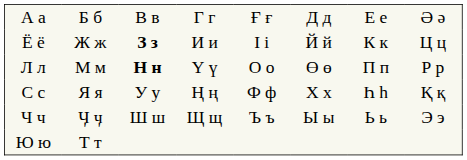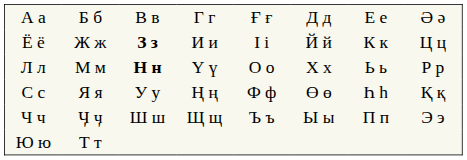 <table style="font-family:Arial Unicode MS; font-size:1.4em; border-color:#000000; border-width:1px; border-style:solid; border-collapse:collapse; background-color:#F8F8EF;white-space:nowrap;">
 <tr>
 <td style="width:3em; text-align:center; padding: 3px;">А а</td>
 <td style="width:3em; text-align:center; padding: 3px;">Б б</td>
 <td style="width:3em; text-align:center; padding: 3px;">В в</td>
 <td style="width:3em; text-align:center; padding: 3px;">Г г</td>
 <td style="width:3em; text-align:center; padding: 3px;">Ғ ғ</td>
 <td style="width:3em; text-align:center; padding: 3px;">Д д</td>
 <td style="width:3em; text-align:center; padding: 3px;">Е е</td>
 <td style="width:3em; text-align:center; padding: 3px;">Ә ә</td>
 </tr>
 <tr>
 <td style="width:3em; text-align:center; padding: 3px;">Ё ё</td>
 <td style="width:3em; text-align:center; padding: 3px;">Ж ж</td>
 <td style="width:3em; text-align:center; padding: 3px;"><strong>З з</strong></td>
 <td style="width:3em; text-align:center; padding: 3px;">И и</td>
 <td style="width:3em; text-align:center; padding: 3px;">I i</td>
 <td style="width:3em; text-align:center; padding: 3px;">Й й</td>
 <td style="width:3em; text-align:center; padding: 3px;">К к</td>
 <td style="width:3em; text-align:center; padding: 3px;">Ц ц</td>
 </tr>
 <tr>
 <td style="width:3em; text-align:center; padding: 3px;">Л л</td>
 <td style="width:3em; text-align:center; padding: 3px;">М м</td>
 <td style="width:3em; text-align:center; padding: 3px;"><strong>Н н</strong></td>
 <td style="width:3em; text-align:center; padding: 3px;">Ү ү</td>
 <td style="width:3em; text-align:center; padding: 3px;">О о</td>
-<td style="width:3em; text-align:center; padding: 3px;">Ө ө</td>
-<td style="width:3em; text-align:center; padding: 3px;">П п</td>
+<td style="width:3em; text-align:center; padding: 3px;">Х х</td>
+<td style="width:3em; text-align:center; padding: 3px;">Ь ь</td>
 <td style="width:3em; text-align:center; padding: 3px;">Р р</td>
 </tr>
 <tr>
 <td style="width:3em; text-align:center; padding: 3px;">С с</td>
 <td style="width:3em; text-align:center; padding: 3px;">Я я</td>
 <td style="width:3em; text-align:center; padding: 3px;">У у</td>
 <td style="width:3em; text-align:center; padding: 3px;">Ң ң</td>
 <td style="width:3em; text-align:center; padding: 3px;">Ф ф</td>
-<td style="width:3em; text-align:center; padding: 3px;">Х х</td>
+<td style="width:3em; text-align:center; padding: 3px;">Ө ө</td>
 <td style="width:3em; text-align:center; padding: 3px;">Һ һ</td>
 <td style="width:3em; text-align:center; padding: 3px;">Қ қ</td>
 </tr>
 <tr>
 <td style="width:3em; text-align:center; padding: 3px;">Ч ч</td>
 <td style="width:3em; text-align:center; padding: 3px;">Ӌ ӌ</td>
 <td style="width:3em; text-align:center; padding: 3px;">Ш ш</td>
 <td style="width:3em; text-align:center; padding: 3px;">Щ щ</td>
 <td style="width:3em; text-align:center; padding: 3px;">Ъ ъ</td>
 <td style="width:3em; text-align:center; padding: 3px;">Ы ы</td>
-<td style="width:3em; text-align:center; padding: 3px;">Ь ь</td>
+<td style="width:3em; text-align:center; padding: 3px;">П п</td>
 <td style="width:3em; text-align:center; padding: 3px;">Э э</td>
 </tr>
 <tr>
 <td style="width:3em; text-align:center; padding: 3px;">Ю ю</td>
 <td style="width:3em; text-align:center; padding: 3px;">Т т</td>
 <td></td>
 <td></td>
 <td></td>
 <td></td>
 <td></td>
 <td></td>
 </tr>
 </table>
